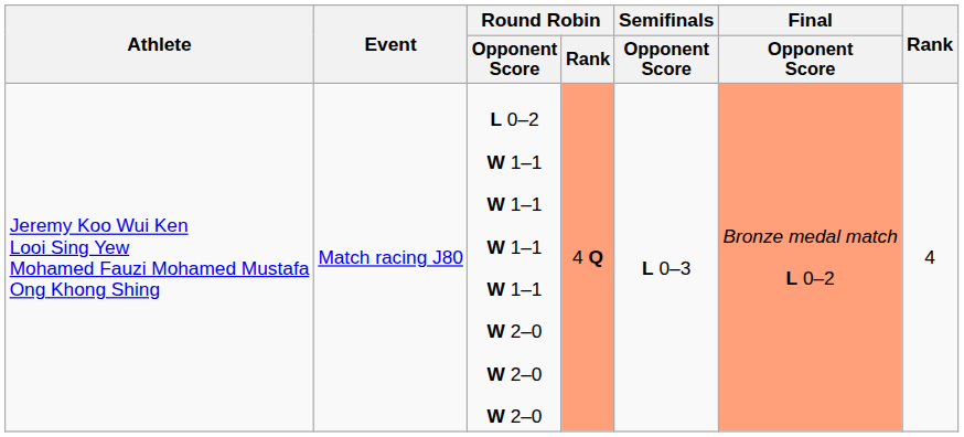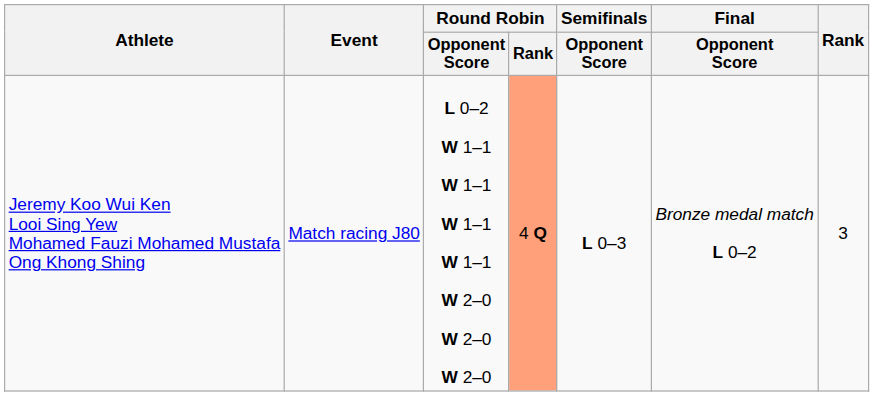 <table class=wikitable style="font-size:90%; text-align:center">
 <tr>
 <th rowspan=2>Athlete</th>
 <th rowspan=2>Event</th>
 <th colspan=2>Round Robin</th>
 <th>Semifinals</th>
 <th>Final</th>
 <th rowspan=2>Rank</th>
 </tr>
 <tr style="font-size:95%">
 <th>Opponent<br>Score</th>
 <th>Rank</th>
 <th>Opponent<br>Score</th>
 <th>Opponent<br>Score</th>
 </tr>
 <tr>
 <td align="left"><a href='#'>Jeremy Koo Wui Ken</a><br><a href='#'>Looi Sing Yew</a><br><a href='#'>Mohamed Fauzi Mohamed Mustafa</a><br><a href='#'>Ong Khong Shing</a></td>
 <td align="left"><a href='#'>Match racing J80</a></td>
 <td><br><strong>L</strong> 0–2<br><br><strong>W</strong> 1–1<br><br><strong>W</strong> 1–1<br><br><strong>W</strong> 1–1<br><br><strong>W</strong> 1–1<br><br><strong>W</strong> 2–0<br><br><strong>W</strong> 2–0<br><br><strong>W</strong> 2–0</td>
 <td style="background: lightsalmon;">4 <strong>Q</strong></td>
 <td><br><strong>L</strong> 0–3</td>
-<td style="background: lightsalmon;"><em>Bronze medal match</em><br><br><strong>L</strong> 0–2</td>
-<td>4</td>
+<td><em>Bronze medal match</em><br><br><strong>L</strong> 0–2</td>
+<td>3</td>
 </tr>
 </table>
